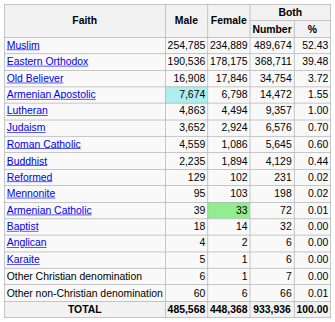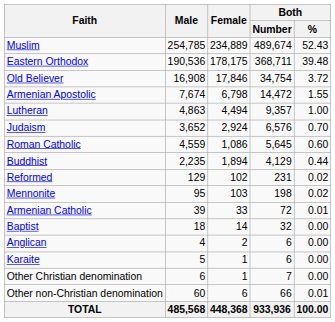 <table class="wikitable sortable">
 <tr>
 <th rowspan="2">Faith</th>
 <th rowspan="2">Male</th>
 <th rowspan="2">Female</th>
 <th colspan="2">Both</th>
 </tr>
 <tr>
 <th>Number</th>
 <th>%</th>
 </tr>
 <tr>
 <td><a href='#'>Muslim</a></td>
 <td align="right">254,785</td>
 <td align="right">234,889</td>
 <td align="right">489,674</td>
 <td align="right">52.43</td>
 </tr>
 <tr>
 <td><a href='#'>Eastern Orthodox</a></td>
 <td align="right">190,536</td>
 <td align="right">178,175</td>
 <td align="right">368,711</td>
 <td align="right">39.48</td>
 </tr>
 <tr>
 <td><a href='#'>Old Believer</a></td>
 <td align="right">16,908</td>
 <td align="right">17,846</td>
 <td align="right">34,754</td>
 <td align="right">3.72</td>
 </tr>
 <tr>
 <td><a href='#'>Armenian Apostolic</a></td>
-<td align="right" style="background: paleturquoise;">7,674</td>
+<td align="right">7,674</td>
 <td align="right">6,798</td>
 <td align="right">14,472</td>
 <td align="right">1.55</td>
 </tr>
 <tr>
 <td><a href='#'>Lutheran</a></td>
 <td align="right">4,863</td>
 <td align="right">4,494</td>
 <td align="right">9,357</td>
 <td align="right">1.00</td>
 </tr>
 <tr>
 <td><a href='#'>Judaism</a></td>
 <td align="right">3,652</td>
 <td align="right">2,924</td>
 <td align="right">6,576</td>
 <td align="right">0.70</td>
 </tr>
 <tr>
 <td><a href='#'>Roman Catholic</a></td>
 <td align="right">4,559</td>
 <td align="right">1,086</td>
 <td align="right">5,645</td>
 <td align="right">0.60</td>
 </tr>
 <tr>
 <td><a href='#'>Buddhist</a></td>
 <td align="right">2,235</td>
 <td align="right">1,894</td>
 <td align="right">4,129</td>
 <td align="right">0.44</td>
 </tr>
 <tr>
 <td><a href='#'>Reformed</a></td>
 <td align="right">129</td>
 <td align="right">102</td>
 <td align="right">231</td>
 <td align="right">0.02</td>
 </tr>
 <tr>
 <td><a href='#'>Mennonite</a></td>
 <td align="right">95</td>
 <td align="right">103</td>
 <td align="right">198</td>
 <td align="right">0.02</td>
 </tr>
 <tr>
 <td><a href='#'>Armenian Catholic</a></td>
 <td align="right">39</td>
-<td align="right" style="background: lightgreen;">33</td>
+<td align="right">33</td>
 <td align="right">72</td>
 <td align="right">0.01</td>
 </tr>
 <tr>
 <td><a href='#'>Baptist</a></td>
 <td align="right">18</td>
 <td align="right">14</td>
 <td align="right">32</td>
 <td align="right">0.00</td>
 </tr>
 <tr>
 <td><a href='#'>Anglican</a></td>
 <td align="right">4</td>
 <td align="right">2</td>
 <td align="right">6</td>
 <td align="right">0.00</td>
 </tr>
 <tr>
 <td><a href='#'>Karaite</a></td>
 <td align="right">5</td>
 <td align="right">1</td>
 <td align="right">6</td>
 <td align="right">0.00</td>
 </tr>
 <tr>
 <td>Other Christian denomination</td>
 <td align="right">6</td>
 <td align="right">1</td>
 <td align="right">7</td>
 <td align="right">0.00</td>
 </tr>
 <tr>
 <td>Other non-Christian denomination</td>
 <td align="right">60</td>
 <td align="right">6</td>
 <td align="right">66</td>
 <td align="right">0.01</td>
 </tr>
 <tr>
 <th>TOTAL</th>
 <th>485,568</th>
 <th>448,368</th>
 <th>933,936</th>
 <th>100.00</th>
 </tr>
 </table>
